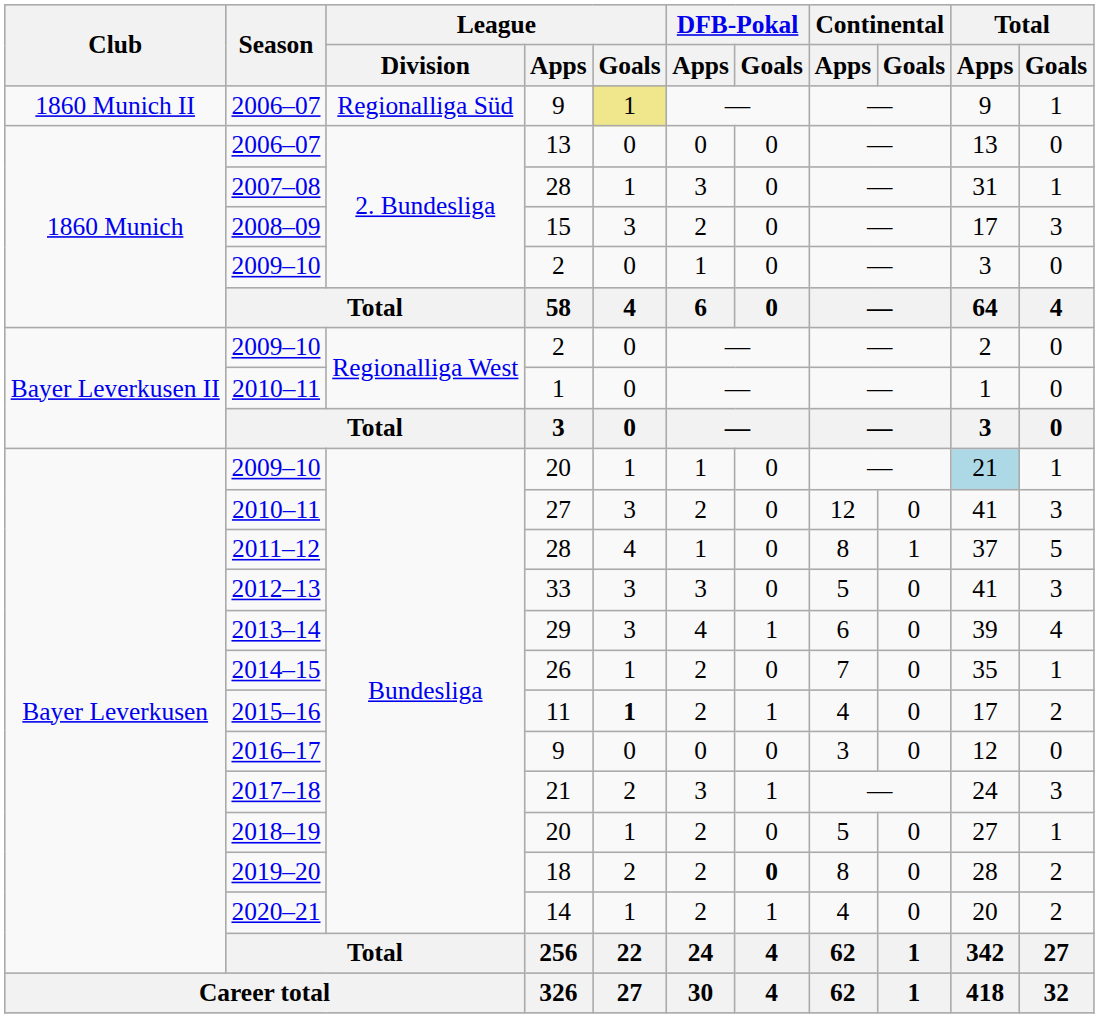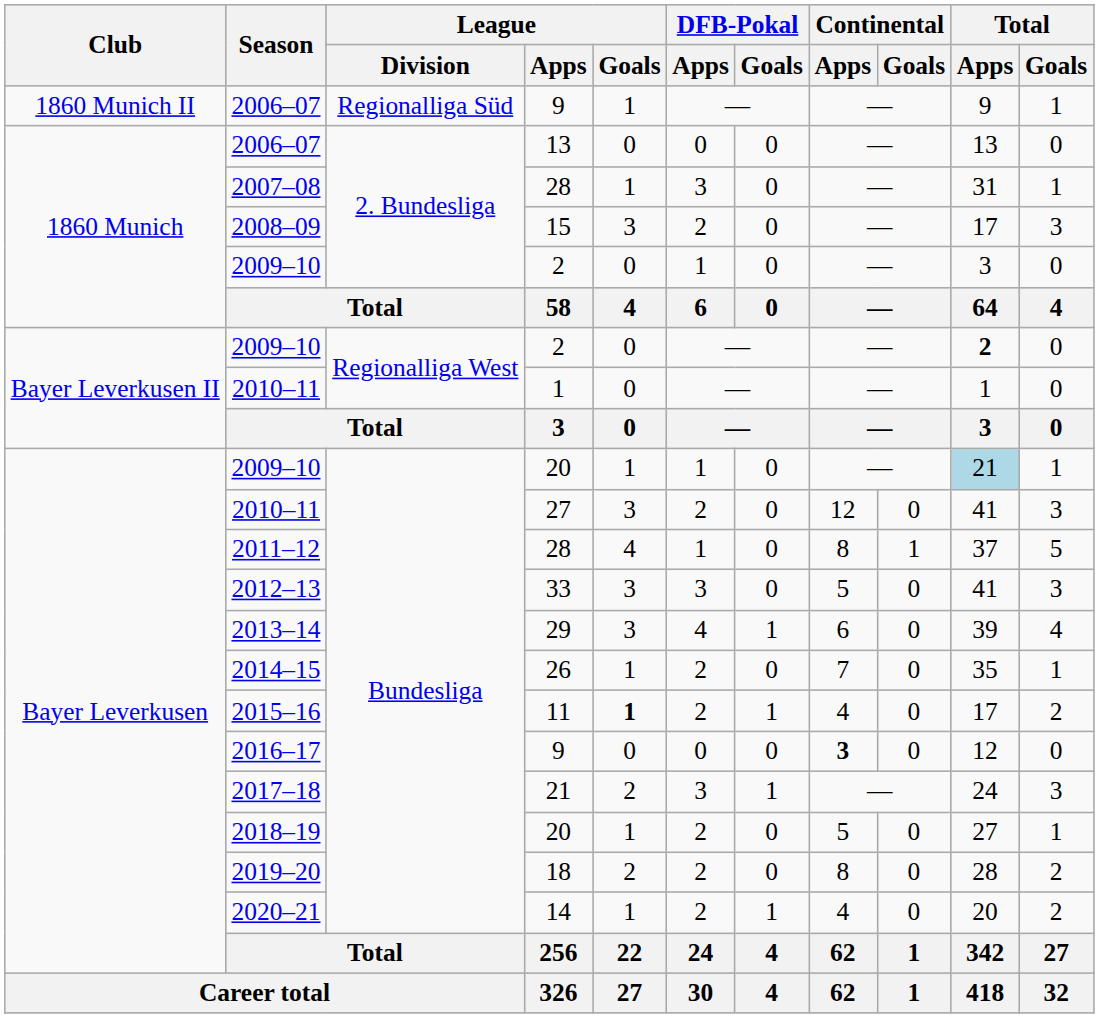 <table class="wikitable" Style="text-align: center">
 <tr>
 <th rowspan="2">Club</th>
 <th rowspan="2">Season</th>
 <th colspan="3">League</th>
 <th colspan="2"><a href='#'>DFB-Pokal</a></th>
 <th colspan="2">Continental</th>
 <th colspan="2">Total</th>
 </tr>
 <tr>
 <th>Division</th>
 <th>Apps</th>
 <th>Goals</th>
 <th>Apps</th>
 <th>Goals</th>
 <th>Apps</th>
 <th>Goals</th>
 <th>Apps</th>
 <th>Goals</th>
 </tr>
 <tr>
 <td><a href='#'>1860 Munich II</a></td>
 <td><a href='#'>2006–07</a></td>
 <td><a href='#'>Regionalliga Süd</a></td>
 <td>9</td>
-<td style="background: khaki;">1</td>
+<td>1</td>
 <td colspan="2">—</td>
 <td colspan="2">—</td>
 <td>9</td>
 <td>1</td>
 </tr>
 <tr>
 <td rowspan="5"><a href='#'>1860 Munich</a></td>
 <td><a href='#'>2006–07</a></td>
 <td rowspan="4"><a href='#'>2. Bundesliga</a></td>
 <td>13</td>
 <td>0</td>
 <td>0</td>
 <td>0</td>
 <td colspan="2">—</td>
 <td>13</td>
 <td>0</td>
 </tr>
 <tr>
 <td><a href='#'>2007–08</a></td>
 <td>28</td>
 <td>1</td>
 <td>3</td>
 <td>0</td>
 <td colspan="2">—</td>
 <td>31</td>
 <td>1</td>
 </tr>
 <tr>
 <td><a href='#'>2008–09</a></td>
 <td>15</td>
 <td>3</td>
 <td>2</td>
 <td>0</td>
 <td colspan="2">—</td>
 <td>17</td>
 <td>3</td>
 </tr>
 <tr>
 <td><a href='#'>2009–10</a></td>
 <td>2</td>
 <td>0</td>
 <td>1</td>
 <td>0</td>
 <td colspan="2">—</td>
 <td>3</td>
 <td>0</td>
 </tr>
 <tr>
 <th colspan="2">Total</th>
 <th>58</th>
 <th>4</th>
 <th>6</th>
 <th>0</th>
 <th colspan="2">—</th>
 <th>64</th>
 <th>4</th>
 </tr>
 <tr>
 <td rowspan="3"><a href='#'>Bayer Leverkusen II</a></td>
 <td><a href='#'>2009–10</a></td>
 <td rowspan="2"><a href='#'>Regionalliga West</a></td>
 <td>2</td>
 <td>0</td>
 <td colspan="2">—</td>
 <td colspan="2">—</td>
-<td>2</td>
+<td><strong>2</strong></td>
 <td>0</td>
 </tr>
 <tr>
 <td><a href='#'>2010–11</a></td>
 <td>1</td>
 <td>0</td>
 <td colspan="2">—</td>
 <td colspan="2">—</td>
 <td>1</td>
 <td>0</td>
 </tr>
 <tr>
 <th colspan="2">Total</th>
 <th>3</th>
 <th>0</th>
 <th colspan="2">—</th>
 <th colspan="2">—</th>
 <th>3</th>
 <th>0</th>
 </tr>
 <tr>
 <td rowspan="13"><a href='#'>Bayer Leverkusen</a></td>
 <td><a href='#'>2009–10</a></td>
 <td rowspan="12"><a href='#'>Bundesliga</a></td>
 <td>20</td>
 <td>1</td>
 <td>1</td>
 <td>0</td>
 <td colspan="2">—</td>
 <td style="background: lightblue;">21</td>
 <td>1</td>
 </tr>
 <tr>
 <td><a href='#'>2010–11</a></td>
 <td>27</td>
 <td>3</td>
 <td>2</td>
 <td>0</td>
 <td>12</td>
 <td>0</td>
 <td>41</td>
 <td>3</td>
 </tr>
 <tr>
 <td><a href='#'>2011–12</a></td>
 <td>28</td>
 <td>4</td>
 <td>1</td>
 <td>0</td>
 <td>8</td>
 <td>1</td>
 <td>37</td>
 <td>5</td>
 </tr>
 <tr>
 <td><a href='#'>2012–13</a></td>
 <td>33</td>
 <td>3</td>
 <td>3</td>
 <td>0</td>
 <td>5</td>
 <td>0</td>
 <td>41</td>
 <td>3</td>
 </tr>
 <tr>
 <td><a href='#'>2013–14</a></td>
 <td>29</td>
 <td>3</td>
 <td>4</td>
 <td>1</td>
 <td>6</td>
 <td>0</td>
 <td>39</td>
 <td>4</td>
 </tr>
 <tr>
 <td><a href='#'>2014–15</a></td>
 <td>26</td>
 <td>1</td>
 <td>2</td>
 <td>0</td>
 <td>7</td>
 <td>0</td>
 <td>35</td>
 <td>1</td>
 </tr>
 <tr>
 <td><a href='#'>2015–16</a></td>
 <td>11</td>
 <td><strong>1</strong></td>
 <td>2</td>
 <td>1</td>
 <td>4</td>
 <td>0</td>
 <td>17</td>
 <td>2</td>
 </tr>
 <tr>
 <td><a href='#'>2016–17</a></td>
 <td>9</td>
 <td>0</td>
 <td>0</td>
 <td>0</td>
-<td>3</td>
+<td><strong>3</strong></td>
 <td>0</td>
 <td>12</td>
 <td>0</td>
 </tr>
 <tr>
 <td><a href='#'>2017–18</a></td>
 <td>21</td>
 <td>2</td>
 <td>3</td>
 <td>1</td>
 <td colspan="2">—</td>
 <td>24</td>
 <td>3</td>
 </tr>
 <tr>
 <td><a href='#'>2018–19</a></td>
 <td>20</td>
 <td>1</td>
 <td>2</td>
 <td>0</td>
 <td>5</td>
 <td>0</td>
 <td>27</td>
 <td>1</td>
 </tr>
 <tr>
 <td><a href='#'>2019–20</a></td>
 <td>18</td>
 <td>2</td>
 <td>2</td>
-<td><strong>0</strong></td>
+<td>0</td>
 <td>8</td>
 <td>0</td>
 <td>28</td>
 <td>2</td>
 </tr>
 <tr>
 <td><a href='#'>2020–21</a></td>
 <td>14</td>
 <td>1</td>
 <td>2</td>
 <td>1</td>
 <td>4</td>
 <td>0</td>
 <td>20</td>
 <td>2</td>
 </tr>
 <tr>
 <th colspan="2">Total</th>
 <th>256</th>
 <th>22</th>
 <th>24</th>
 <th>4</th>
 <th>62</th>
 <th>1</th>
 <th>342</th>
 <th>27</th>
 </tr>
 <tr>
 <th colspan="3">Career total</th>
 <th>326</th>
 <th>27</th>
 <th>30</th>
 <th>4</th>
 <th>62</th>
 <th>1</th>
 <th>418</th>
 <th>32</th>
 </tr>
 </table>
